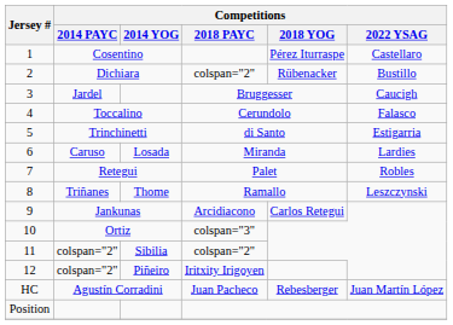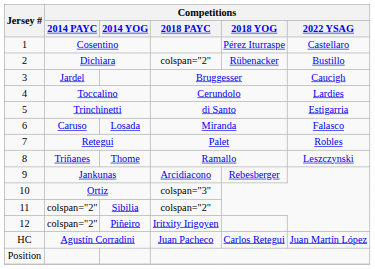 <table class="wikitable" style="text-align:center">
 <tr>
 <th rowspan="2">Jersey #</th>
 <th colspan="5">Competitions</th>
 </tr>
 <tr>
 <th><a href='#'>2014 PAYC</a></th>
 <th><a href='#'>2014 YOG</a></th>
 <th><a href='#'>2018 PAYC</a></th>
 <th><a href='#'>2018 YOG</a></th>
 <th><a href='#'>2022 YSAG</a></th>
 </tr>
 <tr>
 <td>1</td>
 <td colspan="2"><a href='#'>Cosentino</a></td>
 <td></td>
 <td><a href='#'>Pérez Iturraspe</a></td>
 <td><a href='#'>Castellaro</a></td>
 </tr>
 <tr>
 <td>2</td>
 <td colspan="2"><a href='#'>Dichiara</a></td>
 <td>colspan="2" </td>
 <td><a href='#'>Rübenacker</a></td>
 <td><a href='#'>Bustillo</a></td>
 </tr>
 <tr>
 <td>3</td>
 <td><a href='#'>Jardel</a></td>
 <td></td>
 <td colspan="2"><a href='#'>Bruggesser</a></td>
 <td><a href='#'>Caucigh</a></td>
 </tr>
 <tr>
 <td>4</td>
 <td colspan="2"><a href='#'>Toccalino</a></td>
 <td colspan="2"><a href='#'>Cerundolo</a></td>
-<td><a href='#'>Falasco</a></td>
+<td><a href='#'>Lardies</a></td>
 </tr>
 <tr>
 <td>5</td>
 <td colspan="2"><a href='#'>Trinchinetti</a></td>
 <td colspan="2"><a href='#'>di Santo</a></td>
 <td><a href='#'>Estigarria</a></td>
 </tr>
 <tr>
 <td>6</td>
 <td><a href='#'>Caruso</a></td>
 <td><a href='#'>Losada</a></td>
 <td colspan="2"><a href='#'>Miranda</a></td>
-<td><a href='#'>Lardies</a></td>
+<td><a href='#'>Falasco</a></td>
 </tr>
 <tr>
 <td>7</td>
 <td colspan="2"><a href='#'>Retegui</a></td>
 <td colspan="2"><a href='#'>Palet</a></td>
 <td><a href='#'>Robles</a></td>
 </tr>
 <tr>
 <td>8</td>
 <td><a href='#'>Triñanes</a></td>
 <td><a href='#'>Thome</a></td>
 <td colspan="2"><a href='#'>Ramallo</a></td>
 <td><a href='#'>Leszczynski</a></td>
 </tr>
 <tr>
 <td>9</td>
 <td colspan="2"><a href='#'>Jankunas</a></td>
 <td><a href='#'>Arcidiacono</a></td>
-<td><a href='#'>Carlos Retegui</a></td>
+<td><a href='#'>Rebesberger</a></td>
 </tr>
 <tr>
 <td>10</td>
 <td colspan="2"><a href='#'>Ortiz</a></td>
 <td>colspan="3"</td>
 </tr>
 <tr>
 <td>11</td>
 <td>colspan="2" </td>
 <td><a href='#'>Sibilia</a></td>
 <td>colspan="2"</td>
 </tr>
 <tr>
 <td>12</td>
 <td>colspan="2" </td>
 <td><a href='#'>Piñeiro</a></td>
 <td><a href='#'>Iritxity Irigoyen</a></td>
 <td></td>
 </tr>
 <tr>
 <td>HC</td>
 <td colspan="2"><a href='#'>Agustín Corradini</a></td>
 <td><a href='#'>Juan Pacheco</a></td>
-<td><a href='#'>Rebesberger</a></td>
+<td><a href='#'>Carlos Retegui</a></td>
 <td><a href='#'>Juan Martín López</a></td>
 </tr>
 <tr>
 <td>Position</td>
 <td></td>
 <td></td>
 <td colspan="3"></td>
 </tr>
 <tr>
 </tr>
 </table>
